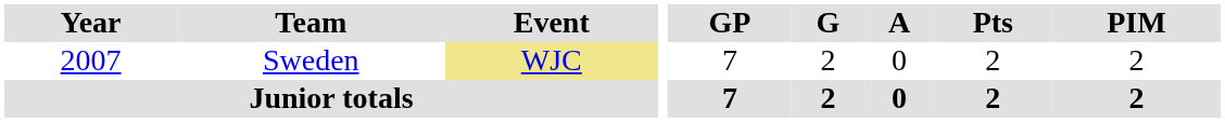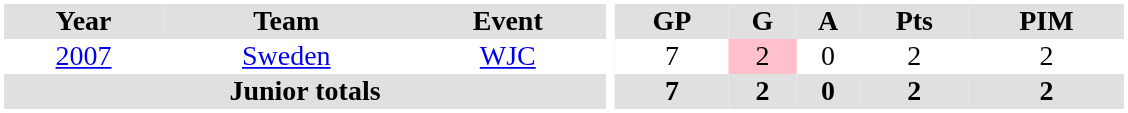 <table border="0" cellpadding="1" cellspacing="0" ID="Table3" style="text-align:center; width:40em">
 <tr ALIGN="center" bgcolor="#e0e0e0">
 <th>Year</th>
 <th>Team</th>
 <th>Event</th>
 <th rowspan="99" bgcolor="#ffffff"></th>
 <th>GP</th>
 <th>G</th>
 <th>A</th>
 <th>Pts</th>
 <th>PIM</th>
 </tr>
 <tr>
 <td><a href='#'>2007</a></td>
 <td><a href='#'>Sweden</a></td>
-<td style="background: khaki;"><a href='#'>WJC</a></td>
+<td><a href='#'>WJC</a></td>
 <td>7</td>
-<td>2</td>
+<td style="background: pink;">2</td>
 <td>0</td>
 <td>2</td>
 <td>2</td>
 </tr>
 <tr bgcolor="#e0e0e0">
 <th colspan="3">Junior totals</th>
 <th>7</th>
 <th>2</th>
 <th>0</th>
 <th>2</th>
 <th>2</th>
 </tr>
 </table>
